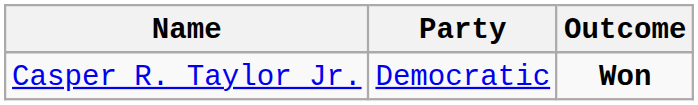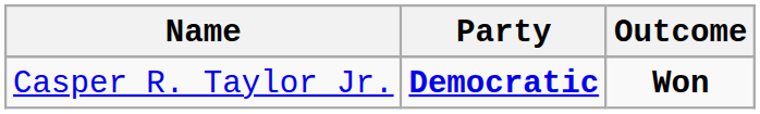 <table class=wikitable style="text-align:center">
 <tr>
 <th>Name</th>
 <th>Party</th>
 <th>Outcome</th>
 </tr>
 <tr>
 </tr>
 <tr>
 <td align=left><a href='#'>Casper R. Taylor Jr.</a></td>
-<td><a href='#'>Democratic</a></td>
+<td><strong><a href='#'>Democratic</a></strong></td>
 <td><strong>Won</strong></td>
 </tr>
 </table>
